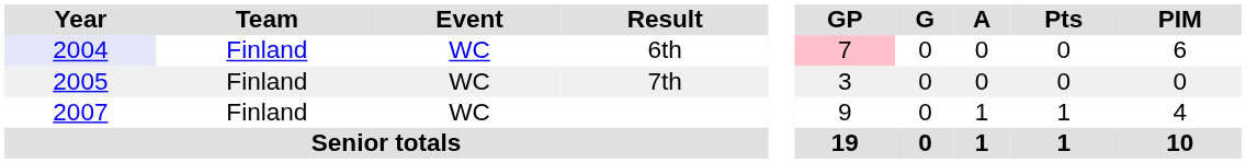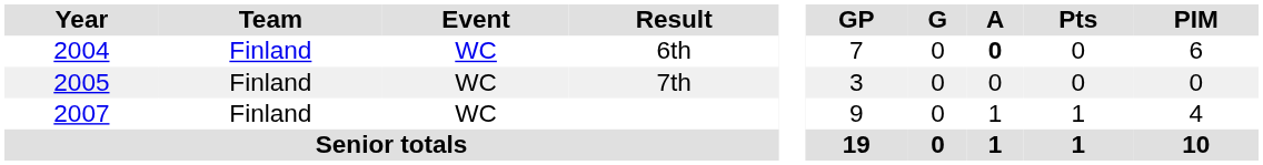 <table border="0" cellpadding="1" cellspacing="0" style="text-align:center; width:50em">
 <tr ALIGN="center" bgcolor="#e0e0e0">
 <th>Year</th>
 <th>Team</th>
 <th>Event</th>
 <th>Result</th>
 <th rowspan="99" bgcolor="#ffffff"> </th>
 <th>GP</th>
 <th>G</th>
 <th>A</th>
 <th>Pts</th>
 <th>PIM</th>
 </tr>
 <tr>
-<td style="background: lavender;"><a href='#'>2004</a></td>
+<td><a href='#'>2004</a></td>
 <td><a href='#'>Finland</a></td>
 <td><a href='#'>WC</a></td>
 <td>6th</td>
-<td style="background: pink;">7</td>
+<td>7</td>
 <td>0</td>
-<td>0</td>
+<td><strong>0</strong></td>
 <td>0</td>
 <td>6</td>
 </tr>
 <tr bgcolor="#f0f0f0">
 <td><a href='#'>2005</a></td>
 <td>Finland</td>
 <td>WC</td>
 <td>7th</td>
 <td>3</td>
 <td>0</td>
 <td>0</td>
 <td>0</td>
 <td>0</td>
 </tr>
 <tr>
 <td><a href='#'>2007</a></td>
 <td>Finland</td>
 <td>WC</td>
 <td></td>
 <td>9</td>
 <td>0</td>
 <td>1</td>
 <td>1</td>
 <td>4</td>
 </tr>
 <tr bgcolor="#e0e0e0">
 <th colspan="4">Senior totals</th>
 <th>19</th>
 <th>0</th>
 <th>1</th>
 <th>1</th>
 <th>10</th>
 </tr>
 </table>
